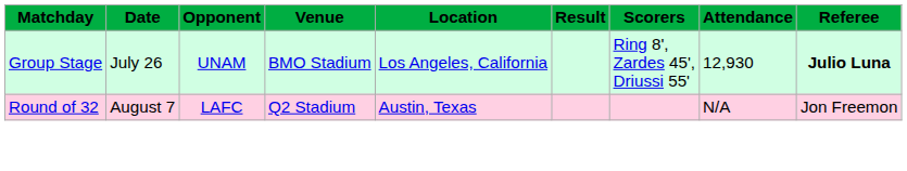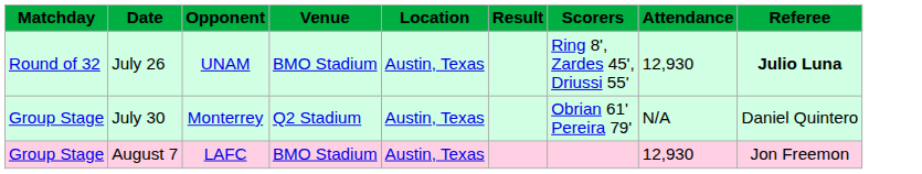 <table class="wikitable">
 <tr>
 <th style="background:#00AE42; color:black;">Matchday</th>
 <th style="background:#00AE42; color:black;">Date</th>
 <th style="background:#00AE42; color:black;">Opponent</th>
 <th style="background:#00AE42; color:black;">Venue</th>
 <th style="background:#00AE42; color:black;">Location</th>
 <th style="background:#00AE42; color:black;">Result</th>
 <th style="background:#00AE42; color:black;">Scorers</th>
 <th style="background:#00AE42; color:black;">Attendance</th>
 <th style="background:#00AE42; color:black;">Referee</th>
 </tr>
 <tr bgcolor = "#d0ffe3">
-<td><a href='#'>Group Stage</a></td>
+<td><a href='#'>Round of 32</a></td>
 <td>July 26</td>
 <td align="center"><a href='#'>UNAM</a></td>
 <td><a href='#'>BMO Stadium</a></td>
-<td><a href='#'>Los Angeles, California</a></td>
+<td><a href='#'>Austin, Texas</a></td>
 <td></td>
 <td><a href='#'>Ring</a> 8',<br><a href='#'>Zardes</a> 45',<br><a href='#'>Driussi</a> 55'</td>
 <td>12,930</td>
 <td align="center"><strong>Julio Luna</strong></td>
 </tr>
-<tr bgcolor = "#ffd0e3">
-<td><a href='#'>Round of 32</a></td>
-<td>August 7</td>
-<td align="center"> <a href='#'>LAFC</a></td>
+<tr bgcolor = "#d0ffe3">
+<td><a href='#'>Group Stage</a></td>
+<td>July 30</td>
+<td align="center"><a href='#'>Monterrey</a></td>
 <td><a href='#'>Q2 Stadium</a></td>
 <td><a href='#'>Austin, Texas</a></td>
 <td></td>
+<td><a href='#'>Obrian</a> 61'<br><a href='#'>Pereira</a> 79'</td>
+<td>N/A</td>
+<td align="center">Daniel Quintero</td>
+</tr>
+<tr bgcolor = "#ffd0e3">
+<td><a href='#'>Group Stage</a></td>
+<td>August 7</td>
+<td align="center"> <a href='#'>LAFC</a></td>
+<td><a href='#'>BMO Stadium</a></td>
+<td><a href='#'>Austin, Texas</a></td>
 <td></td>
-<td>N/A</td>
+<td></td>
+<td>12,930</td>
 <td align="center">Jon Freemon</td>
 </tr>
 </table>
